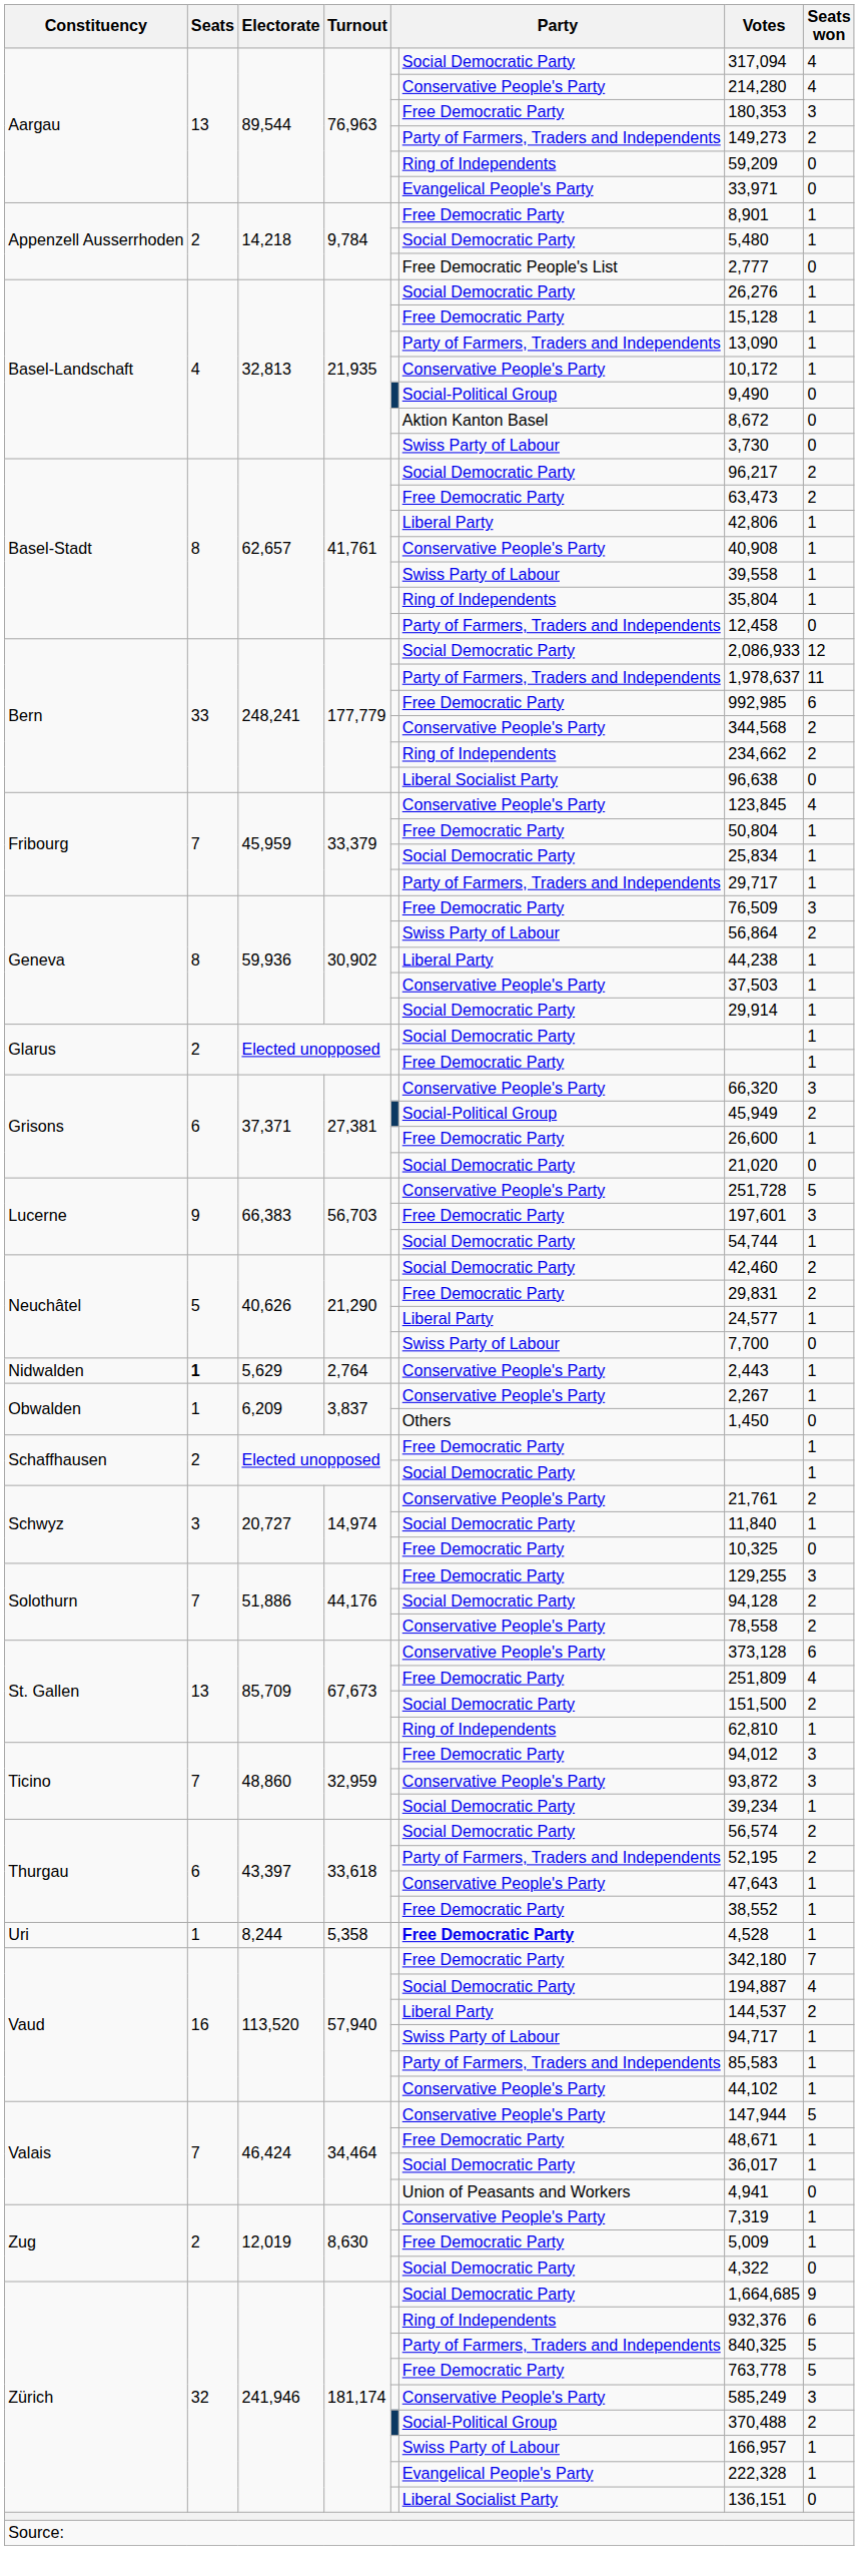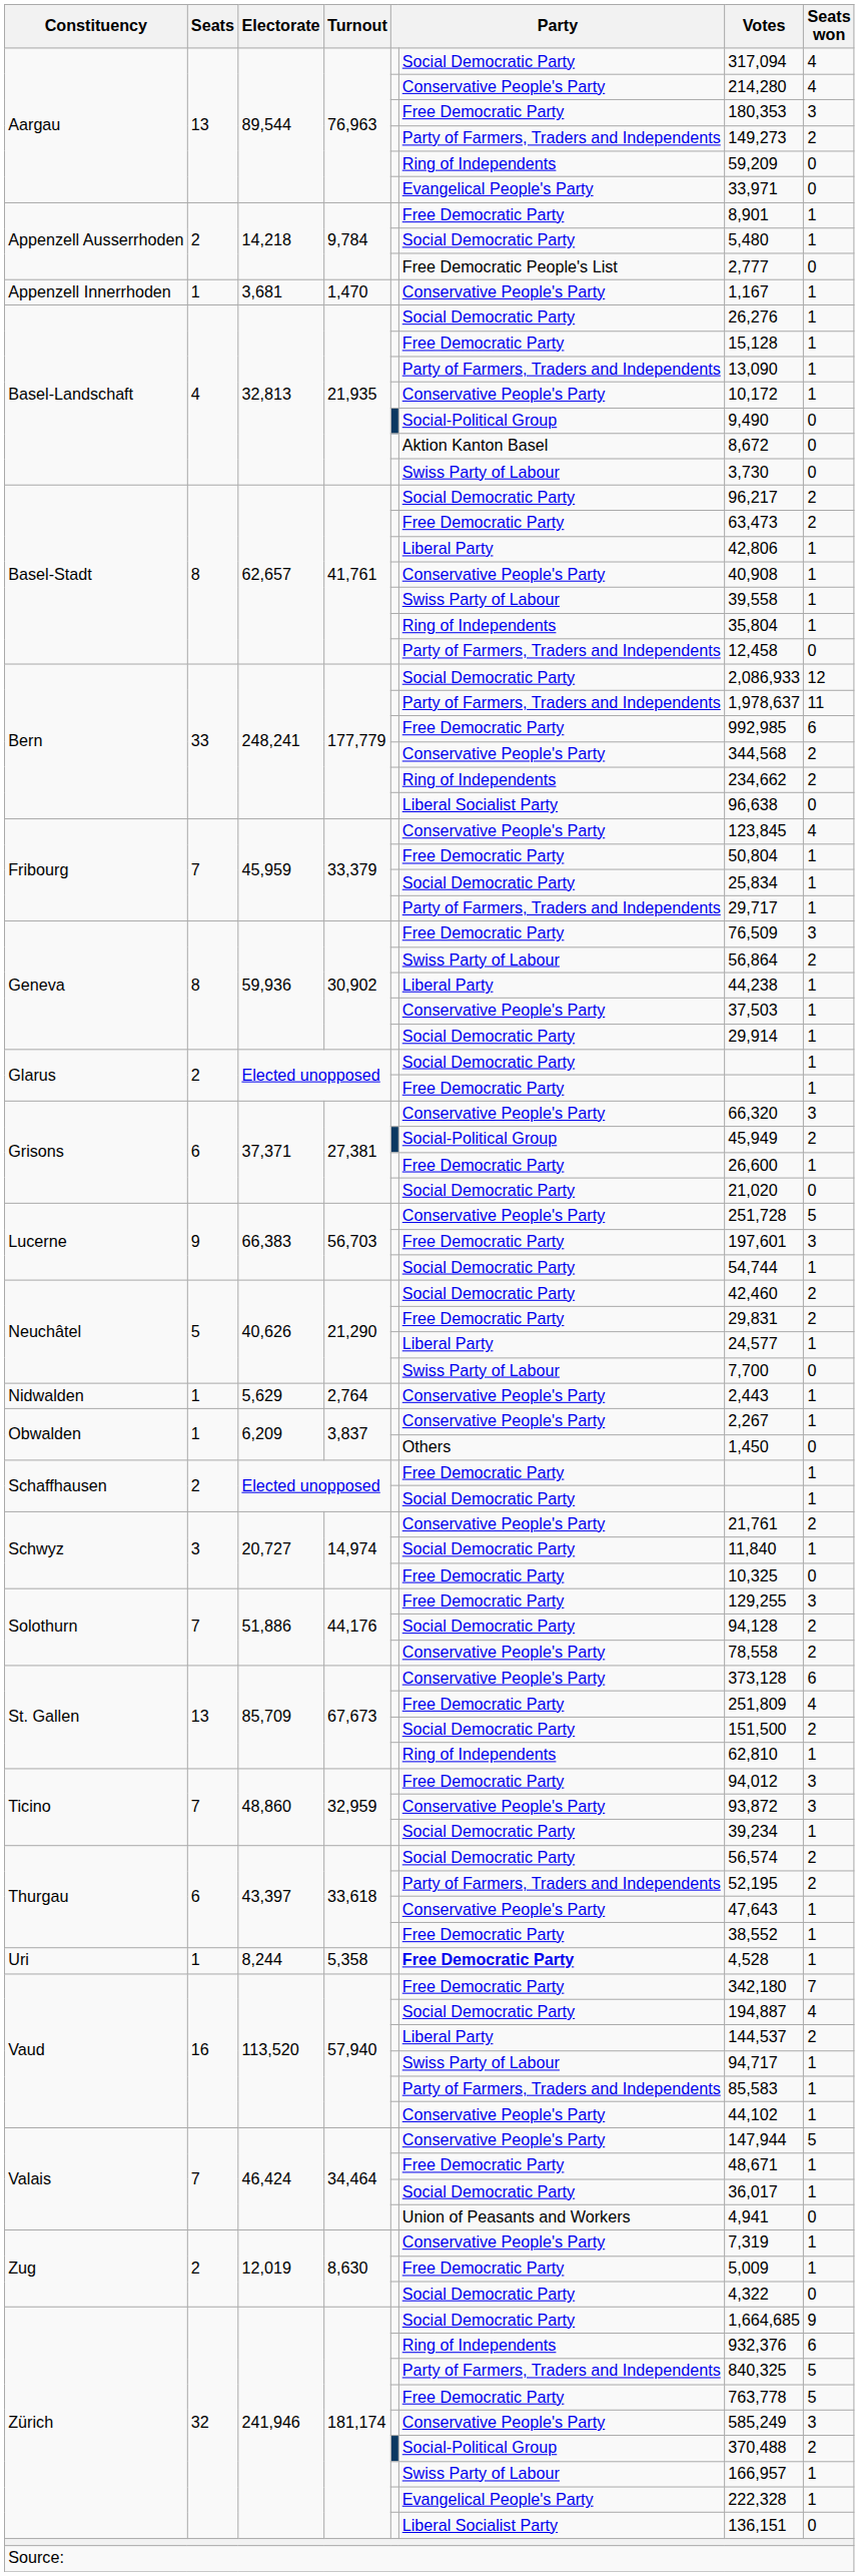 <table class="wikitable">
 <tr>
 <th>Constituency</th>
 <th>Seats</th>
 <th>Electorate</th>
 <th>Turnout</th>
 <th colspan="2">Party</th>
 <th>Votes</th>
 <th>Seats<br>won</th>
 </tr>
 <tr>
 <td rowspan="6">Aargau</td>
 <td rowspan="6">13</td>
 <td rowspan="6">89,544</td>
 <td rowspan="6">76,963</td>
 <td style="color:inherit;background:"></td>
 <td><a href='#'>Social Democratic Party</a></td>
 <td>317,094</td>
 <td>4</td>
 </tr>
 <tr>
 <td style="color:inherit;background:"></td>
 <td><a href='#'>Conservative People's Party</a></td>
 <td>214,280</td>
 <td>4</td>
 </tr>
 <tr>
 <td style="color:inherit;background:"></td>
 <td><a href='#'>Free Democratic Party</a></td>
 <td>180,353</td>
 <td>3</td>
 </tr>
 <tr>
 <td style="color:inherit;background:"></td>
 <td><a href='#'>Party of Farmers, Traders and Independents</a></td>
 <td>149,273</td>
 <td>2</td>
 </tr>
 <tr>
 <td style="color:inherit;background:"></td>
 <td><a href='#'>Ring of Independents</a></td>
 <td>59,209</td>
 <td>0</td>
 </tr>
 <tr>
 <td style="color:inherit;background:"></td>
 <td><a href='#'>Evangelical People's Party</a></td>
 <td>33,971</td>
 <td>0</td>
 </tr>
 <tr>
 <td rowspan="3">Appenzell Ausserrhoden</td>
 <td rowspan="3">2</td>
 <td rowspan="3">14,218</td>
 <td rowspan="3">9,784</td>
 <td style="color:inherit;background:"></td>
 <td><a href='#'>Free Democratic Party</a></td>
 <td>8,901</td>
 <td>1</td>
 </tr>
 <tr>
 <td style="color:inherit;background:"></td>
 <td><a href='#'>Social Democratic Party</a></td>
 <td>5,480</td>
 <td>1</td>
 </tr>
 <tr>
 <td style="color:inherit;background:"></td>
 <td>Free Democratic People's List</td>
 <td>2,777</td>
 <td>0</td>
+</tr>
+<tr>
+<td>Appenzell Innerrhoden</td>
+<td>1</td>
+<td>3,681</td>
+<td>1,470</td>
+<td style="color:inherit;background:"></td>
+<td><a href='#'>Conservative People's Party</a></td>
+<td>1,167</td>
+<td>1</td>
 </tr>
 <tr>
 <td rowspan="7">Basel-Landschaft</td>
 <td rowspan="7">4</td>
 <td rowspan="7">32,813</td>
 <td rowspan="7">21,935</td>
 <td style="color:inherit;background:"></td>
 <td><a href='#'>Social Democratic Party</a></td>
 <td>26,276</td>
 <td>1</td>
 </tr>
 <tr>
 <td style="color:inherit;background:"></td>
 <td><a href='#'>Free Democratic Party</a></td>
 <td>15,128</td>
 <td>1</td>
 </tr>
 <tr>
 <td style="color:inherit;background:"></td>
 <td><a href='#'>Party of Farmers, Traders and Independents</a></td>
 <td>13,090</td>
 <td>1</td>
 </tr>
 <tr>
 <td style="color:inherit;background:"></td>
 <td><a href='#'>Conservative People's Party</a></td>
 <td>10,172</td>
 <td>1</td>
 </tr>
 <tr>
 <td style="color:inherit;background:#0B3861"></td>
 <td><a href='#'>Social-Political Group</a></td>
 <td>9,490</td>
 <td>0</td>
 </tr>
 <tr>
 <td style="color:inherit;background:"></td>
 <td>Aktion Kanton Basel</td>
 <td>8,672</td>
 <td>0</td>
 </tr>
 <tr>
 <td style="color:inherit;background:"></td>
 <td><a href='#'>Swiss Party of Labour</a></td>
 <td>3,730</td>
 <td>0</td>
 </tr>
 <tr>
 <td rowspan="7">Basel-Stadt</td>
 <td rowspan="7">8</td>
 <td rowspan="7">62,657</td>
 <td rowspan="7">41,761</td>
 <td style="color:inherit;background:"></td>
 <td><a href='#'>Social Democratic Party</a></td>
 <td>96,217</td>
 <td>2</td>
 </tr>
 <tr>
 <td style="color:inherit;background:"></td>
 <td><a href='#'>Free Democratic Party</a></td>
 <td>63,473</td>
 <td>2</td>
 </tr>
 <tr>
 <td style="color:inherit;background:"></td>
 <td><a href='#'>Liberal Party</a></td>
 <td>42,806</td>
 <td>1</td>
 </tr>
 <tr>
 <td style="color:inherit;background:"></td>
 <td><a href='#'>Conservative People's Party</a></td>
 <td>40,908</td>
 <td>1</td>
 </tr>
 <tr>
 <td style="color:inherit;background:"></td>
 <td><a href='#'>Swiss Party of Labour</a></td>
 <td>39,558</td>
 <td>1</td>
 </tr>
 <tr>
 <td style="color:inherit;background:"></td>
 <td><a href='#'>Ring of Independents</a></td>
 <td>35,804</td>
 <td>1</td>
 </tr>
 <tr>
 <td style="color:inherit;background:"></td>
 <td><a href='#'>Party of Farmers, Traders and Independents</a></td>
 <td>12,458</td>
 <td>0</td>
 </tr>
 <tr>
 <td rowspan="6">Bern</td>
 <td rowspan="6">33</td>
 <td rowspan="6">248,241</td>
 <td rowspan="6">177,779</td>
 <td style="color:inherit;background:"></td>
 <td><a href='#'>Social Democratic Party</a></td>
 <td>2,086,933</td>
 <td>12</td>
 </tr>
 <tr>
 <td style="color:inherit;background:"></td>
 <td><a href='#'>Party of Farmers, Traders and Independents</a></td>
 <td>1,978,637</td>
 <td>11</td>
 </tr>
 <tr>
 <td style="color:inherit;background:"></td>
 <td><a href='#'>Free Democratic Party</a></td>
 <td>992,985</td>
 <td>6</td>
 </tr>
 <tr>
 <td style="color:inherit;background:"></td>
 <td><a href='#'>Conservative People's Party</a></td>
 <td>344,568</td>
 <td>2</td>
 </tr>
 <tr>
 <td style="color:inherit;background:"></td>
 <td><a href='#'>Ring of Independents</a></td>
 <td>234,662</td>
 <td>2</td>
 </tr>
 <tr>
 <td style="color:inherit;background:"></td>
 <td><a href='#'>Liberal Socialist Party</a></td>
 <td>96,638</td>
 <td>0</td>
 </tr>
 <tr>
 <td rowspan="4">Fribourg</td>
 <td rowspan="4">7</td>
 <td rowspan="4">45,959</td>
 <td rowspan="4">33,379</td>
 <td style="color:inherit;background:"></td>
 <td><a href='#'>Conservative People's Party</a></td>
 <td>123,845</td>
 <td>4</td>
 </tr>
 <tr>
 <td style="color:inherit;background:"></td>
 <td><a href='#'>Free Democratic Party</a></td>
 <td>50,804</td>
 <td>1</td>
 </tr>
 <tr>
 <td style="color:inherit;background:"></td>
 <td><a href='#'>Social Democratic Party</a></td>
 <td>25,834</td>
 <td>1</td>
 </tr>
 <tr>
 <td style="color:inherit;background:"></td>
 <td><a href='#'>Party of Farmers, Traders and Independents</a></td>
 <td>29,717</td>
 <td>1</td>
 </tr>
 <tr>
 <td rowspan="5">Geneva</td>
 <td rowspan="5">8</td>
 <td rowspan="5">59,936</td>
 <td rowspan="5">30,902</td>
 <td style="color:inherit;background:"></td>
 <td><a href='#'>Free Democratic Party</a></td>
 <td>76,509</td>
 <td>3</td>
 </tr>
 <tr>
 <td style="color:inherit;background:"></td>
 <td><a href='#'>Swiss Party of Labour</a></td>
 <td>56,864</td>
 <td>2</td>
 </tr>
 <tr>
 <td style="color:inherit;background:"></td>
 <td><a href='#'>Liberal Party</a></td>
 <td>44,238</td>
 <td>1</td>
 </tr>
 <tr>
 <td style="color:inherit;background:"></td>
 <td><a href='#'>Conservative People's Party</a></td>
 <td>37,503</td>
 <td>1</td>
 </tr>
 <tr>
 <td style="color:inherit;background:"></td>
 <td><a href='#'>Social Democratic Party</a></td>
 <td>29,914</td>
 <td>1</td>
 </tr>
 <tr>
 <td rowspan="2">Glarus</td>
 <td rowspan="2">2</td>
 <td rowspan="2" colspan=2><a href='#'>Elected unopposed</a></td>
 <td style="color:inherit;background:"></td>
 <td><a href='#'>Social Democratic Party</a></td>
 <td></td>
 <td>1</td>
 </tr>
 <tr>
 <td style="color:inherit;background:"></td>
 <td><a href='#'>Free Democratic Party</a></td>
 <td></td>
 <td>1</td>
 </tr>
 <tr>
 <td rowspan="4">Grisons</td>
 <td rowspan="4">6</td>
 <td rowspan="4">37,371</td>
 <td rowspan="4">27,381</td>
 <td style="color:inherit;background:"></td>
 <td><a href='#'>Conservative People's Party</a></td>
 <td>66,320</td>
 <td>3</td>
 </tr>
 <tr>
 <td style="color:inherit;background:#0B3861"></td>
 <td><a href='#'>Social-Political Group</a></td>
 <td>45,949</td>
 <td>2</td>
 </tr>
 <tr>
 <td style="color:inherit;background:"></td>
 <td><a href='#'>Free Democratic Party</a></td>
 <td>26,600</td>
 <td>1</td>
 </tr>
 <tr>
 <td style="color:inherit;background:"></td>
 <td><a href='#'>Social Democratic Party</a></td>
 <td>21,020</td>
 <td>0</td>
 </tr>
 <tr>
 <td rowspan="3">Lucerne</td>
 <td rowspan="3">9</td>
 <td rowspan="3">66,383</td>
 <td rowspan="3">56,703</td>
 <td style="color:inherit;background:"></td>
 <td><a href='#'>Conservative People's Party</a></td>
 <td>251,728</td>
 <td>5</td>
 </tr>
 <tr>
 <td style="color:inherit;background:"></td>
 <td><a href='#'>Free Democratic Party</a></td>
 <td>197,601</td>
 <td>3</td>
 </tr>
 <tr>
 <td style="color:inherit;background:"></td>
 <td><a href='#'>Social Democratic Party</a></td>
 <td>54,744</td>
 <td>1</td>
 </tr>
 <tr>
 <td rowspan="4">Neuchâtel</td>
 <td rowspan="4">5</td>
 <td rowspan="4">40,626</td>
 <td rowspan="4">21,290</td>
 <td style="color:inherit;background:"></td>
 <td><a href='#'>Social Democratic Party</a></td>
 <td>42,460</td>
 <td>2</td>
 </tr>
 <tr>
 <td style="color:inherit;background:"></td>
 <td><a href='#'>Free Democratic Party</a></td>
 <td>29,831</td>
 <td>2</td>
 </tr>
 <tr>
 <td style="color:inherit;background:"></td>
 <td><a href='#'>Liberal Party</a></td>
 <td>24,577</td>
 <td>1</td>
 </tr>
 <tr>
 <td style="color:inherit;background:"></td>
 <td><a href='#'>Swiss Party of Labour</a></td>
 <td>7,700</td>
 <td>0</td>
 </tr>
 <tr>
 <td>Nidwalden</td>
-<td><strong>1</strong></td>
+<td>1</td>
 <td>5,629</td>
 <td>2,764</td>
 <td style="color:inherit;background:"></td>
 <td><a href='#'>Conservative People's Party</a></td>
 <td>2,443</td>
 <td>1</td>
 </tr>
 <tr>
 <td rowspan="2">Obwalden</td>
 <td rowspan="2">1</td>
 <td rowspan="2">6,209</td>
 <td rowspan="2">3,837</td>
 <td style="color:inherit;background:"></td>
 <td><a href='#'>Conservative People's Party</a></td>
 <td>2,267</td>
 <td>1</td>
 </tr>
 <tr>
 <td style="color:inherit;background:"></td>
 <td>Others</td>
 <td>1,450</td>
 <td>0</td>
 </tr>
 <tr>
 <td rowspan="2">Schaffhausen</td>
 <td rowspan="2">2</td>
 <td rowspan="2" colspan=2><a href='#'>Elected unopposed</a></td>
 <td style="color:inherit;background:"></td>
 <td><a href='#'>Free Democratic Party</a></td>
 <td></td>
 <td>1</td>
 </tr>
 <tr>
 <td style="color:inherit;background:"></td>
 <td><a href='#'>Social Democratic Party</a></td>
 <td></td>
 <td>1</td>
 </tr>
 <tr>
 <td rowspan="3">Schwyz</td>
 <td rowspan="3">3</td>
 <td rowspan="3">20,727</td>
 <td rowspan="3">14,974</td>
 <td style="color:inherit;background:"></td>
 <td><a href='#'>Conservative People's Party</a></td>
 <td>21,761</td>
 <td>2</td>
 </tr>
 <tr>
 <td style="color:inherit;background:"></td>
 <td><a href='#'>Social Democratic Party</a></td>
 <td>11,840</td>
 <td>1</td>
 </tr>
 <tr>
 <td style="color:inherit;background:"></td>
 <td><a href='#'>Free Democratic Party</a></td>
 <td>10,325</td>
 <td>0</td>
 </tr>
 <tr>
 <td rowspan="3">Solothurn</td>
 <td rowspan="3">7</td>
 <td rowspan="3">51,886</td>
 <td rowspan="3">44,176</td>
 <td style="color:inherit;background:"></td>
 <td><a href='#'>Free Democratic Party</a></td>
 <td>129,255</td>
 <td>3</td>
 </tr>
 <tr>
 <td style="color:inherit;background:"></td>
 <td><a href='#'>Social Democratic Party</a></td>
 <td>94,128</td>
 <td>2</td>
 </tr>
 <tr>
 <td style="color:inherit;background:"></td>
 <td><a href='#'>Conservative People's Party</a></td>
 <td>78,558</td>
 <td>2</td>
 </tr>
 <tr>
 <td rowspan="4">St. Gallen</td>
 <td rowspan="4">13</td>
 <td rowspan="4">85,709</td>
 <td rowspan="4">67,673</td>
 <td style="color:inherit;background:"></td>
 <td><a href='#'>Conservative People's Party</a></td>
 <td>373,128</td>
 <td>6</td>
 </tr>
 <tr>
 <td style="color:inherit;background:"></td>
 <td><a href='#'>Free Democratic Party</a></td>
 <td>251,809</td>
 <td>4</td>
 </tr>
 <tr>
 <td style="color:inherit;background:"></td>
 <td><a href='#'>Social Democratic Party</a></td>
 <td>151,500</td>
 <td>2</td>
 </tr>
 <tr>
 <td style="color:inherit;background:"></td>
 <td><a href='#'>Ring of Independents</a></td>
 <td>62,810</td>
 <td>1</td>
 </tr>
 <tr>
 <td rowspan="3">Ticino</td>
 <td rowspan="3">7</td>
 <td rowspan="3">48,860</td>
 <td rowspan="3">32,959</td>
 <td style="color:inherit;background:"></td>
 <td><a href='#'>Free Democratic Party</a></td>
 <td>94,012</td>
 <td>3</td>
 </tr>
 <tr>
 <td style="color:inherit;background:"></td>
 <td><a href='#'>Conservative People's Party</a></td>
 <td>93,872</td>
 <td>3</td>
 </tr>
 <tr>
 <td style="color:inherit;background:"></td>
 <td><a href='#'>Social Democratic Party</a></td>
 <td>39,234</td>
 <td>1</td>
 </tr>
 <tr>
 <td rowspan="4">Thurgau</td>
 <td rowspan="4">6</td>
 <td rowspan="4">43,397</td>
 <td rowspan="4">33,618</td>
 <td style="color:inherit;background:"></td>
 <td><a href='#'>Social Democratic Party</a></td>
 <td>56,574</td>
 <td>2</td>
 </tr>
 <tr>
 <td style="color:inherit;background:"></td>
 <td><a href='#'>Party of Farmers, Traders and Independents</a></td>
 <td>52,195</td>
 <td>2</td>
 </tr>
 <tr>
 <td style="color:inherit;background:"></td>
 <td><a href='#'>Conservative People's Party</a></td>
 <td>47,643</td>
 <td>1</td>
 </tr>
 <tr>
 <td style="color:inherit;background:"></td>
 <td><a href='#'>Free Democratic Party</a></td>
 <td>38,552</td>
 <td>1</td>
 </tr>
 <tr>
 <td>Uri</td>
 <td>1</td>
 <td>8,244</td>
 <td>5,358</td>
 <td style="color:inherit;background:"></td>
 <td><strong><a href='#'>Free Democratic Party</a></strong></td>
 <td>4,528</td>
 <td>1</td>
 </tr>
 <tr>
 <td rowspan="6">Vaud</td>
 <td rowspan="6">16</td>
 <td rowspan="6">113,520</td>
 <td rowspan="6">57,940</td>
 <td style="color:inherit;background:"></td>
 <td><a href='#'>Free Democratic Party</a></td>
 <td>342,180</td>
 <td>7</td>
 </tr>
 <tr>
 <td style="color:inherit;background:"></td>
 <td><a href='#'>Social Democratic Party</a></td>
 <td>194,887</td>
 <td>4</td>
 </tr>
 <tr>
 <td style="color:inherit;background:"></td>
 <td><a href='#'>Liberal Party</a></td>
 <td>144,537</td>
 <td>2</td>
 </tr>
 <tr>
 <td style="color:inherit;background:"></td>
 <td><a href='#'>Swiss Party of Labour</a></td>
 <td>94,717</td>
 <td>1</td>
 </tr>
 <tr>
 <td style="color:inherit;background:"></td>
 <td><a href='#'>Party of Farmers, Traders and Independents</a></td>
 <td>85,583</td>
 <td>1</td>
 </tr>
 <tr>
 <td style="color:inherit;background:"></td>
 <td><a href='#'>Conservative People's Party</a></td>
 <td>44,102</td>
 <td>1</td>
 </tr>
 <tr>
 <td rowspan="4">Valais</td>
 <td rowspan="4">7</td>
 <td rowspan="4">46,424</td>
 <td rowspan="4">34,464</td>
 <td style="color:inherit;background:"></td>
 <td><a href='#'>Conservative People's Party</a></td>
 <td>147,944</td>
 <td>5</td>
 </tr>
 <tr>
 <td style="color:inherit;background:"></td>
 <td><a href='#'>Free Democratic Party</a></td>
 <td>48,671</td>
 <td>1</td>
 </tr>
 <tr>
 <td style="color:inherit;background:"></td>
 <td><a href='#'>Social Democratic Party</a></td>
 <td>36,017</td>
 <td>1</td>
 </tr>
 <tr>
 <td style="color:inherit;background:"></td>
 <td>Union of Peasants and Workers</td>
 <td>4,941</td>
 <td>0</td>
 </tr>
 <tr>
 <td rowspan="3">Zug</td>
 <td rowspan="3">2</td>
 <td rowspan="3">12,019</td>
 <td rowspan="3">8,630</td>
 <td style="color:inherit;background:"></td>
 <td><a href='#'>Conservative People's Party</a></td>
 <td>7,319</td>
 <td>1</td>
 </tr>
 <tr>
 <td style="color:inherit;background:"></td>
 <td><a href='#'>Free Democratic Party</a></td>
 <td>5,009</td>
 <td>1</td>
 </tr>
 <tr>
 <td style="color:inherit;background:"></td>
 <td><a href='#'>Social Democratic Party</a></td>
 <td>4,322</td>
 <td>0</td>
 </tr>
 <tr>
 <td rowspan="9">Zürich</td>
 <td rowspan="9">32</td>
 <td rowspan="9">241,946</td>
 <td rowspan="9">181,174</td>
 <td style="color:inherit;background:"></td>
 <td><a href='#'>Social Democratic Party</a></td>
 <td>1,664,685</td>
 <td>9</td>
 </tr>
 <tr>
 <td style="color:inherit;background:"></td>
 <td><a href='#'>Ring of Independents</a></td>
 <td>932,376</td>
 <td>6</td>
 </tr>
 <tr>
 <td style="color:inherit;background:"></td>
 <td><a href='#'>Party of Farmers, Traders and Independents</a></td>
 <td>840,325</td>
 <td>5</td>
 </tr>
 <tr>
 <td style="color:inherit;background:"></td>
 <td><a href='#'>Free Democratic Party</a></td>
 <td>763,778</td>
 <td>5</td>
 </tr>
 <tr>
 <td style="color:inherit;background:"></td>
 <td><a href='#'>Conservative People's Party</a></td>
 <td>585,249</td>
 <td>3</td>
 </tr>
 <tr>
 <td style="color:inherit;background:#0B3861"></td>
 <td><a href='#'>Social-Political Group</a></td>
 <td>370,488</td>
 <td>2</td>
 </tr>
 <tr>
 <td style="color:inherit;background:"></td>
 <td><a href='#'>Swiss Party of Labour</a></td>
 <td>166,957</td>
 <td>1</td>
 </tr>
 <tr>
 <td style="color:inherit;background:"></td>
 <td><a href='#'>Evangelical People's Party</a></td>
 <td>222,328</td>
 <td>1</td>
 </tr>
 <tr>
 <td style="color:inherit;background:"></td>
 <td><a href='#'>Liberal Socialist Party</a></td>
 <td>136,151</td>
 <td>0</td>
 </tr>
 <tr>
 <th colspan="8"></th>
 </tr>
 <tr>
 <td colspan="8">Source: </td>
 </tr>
 </table>
